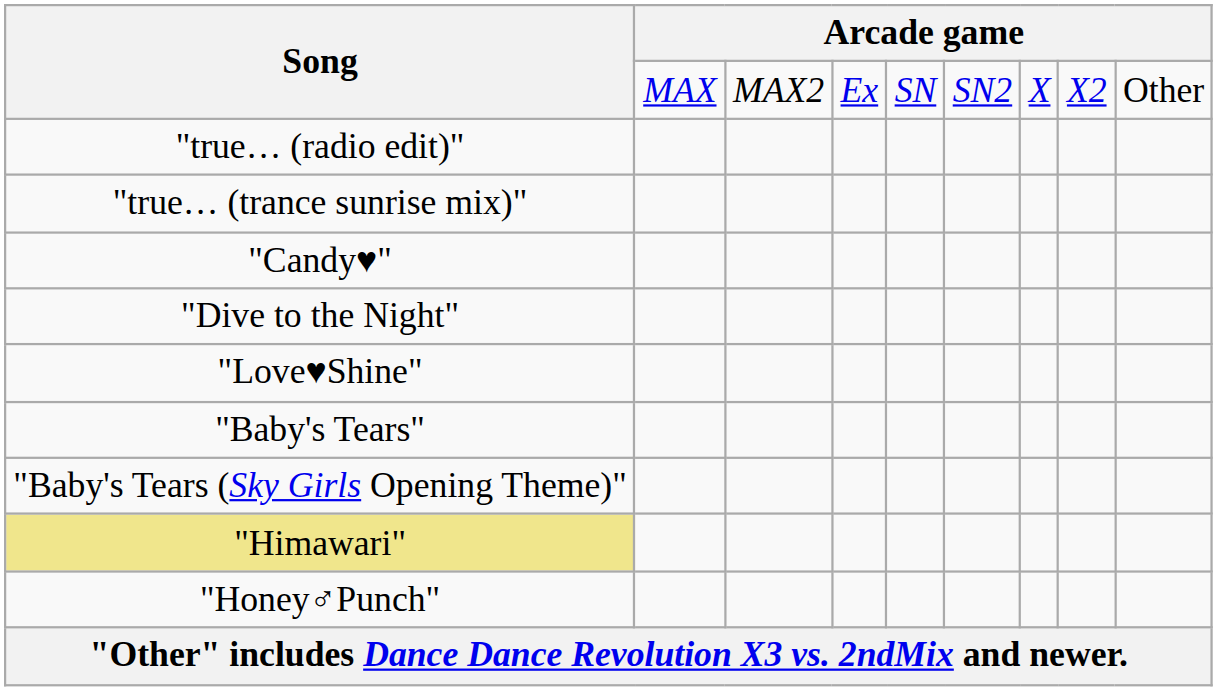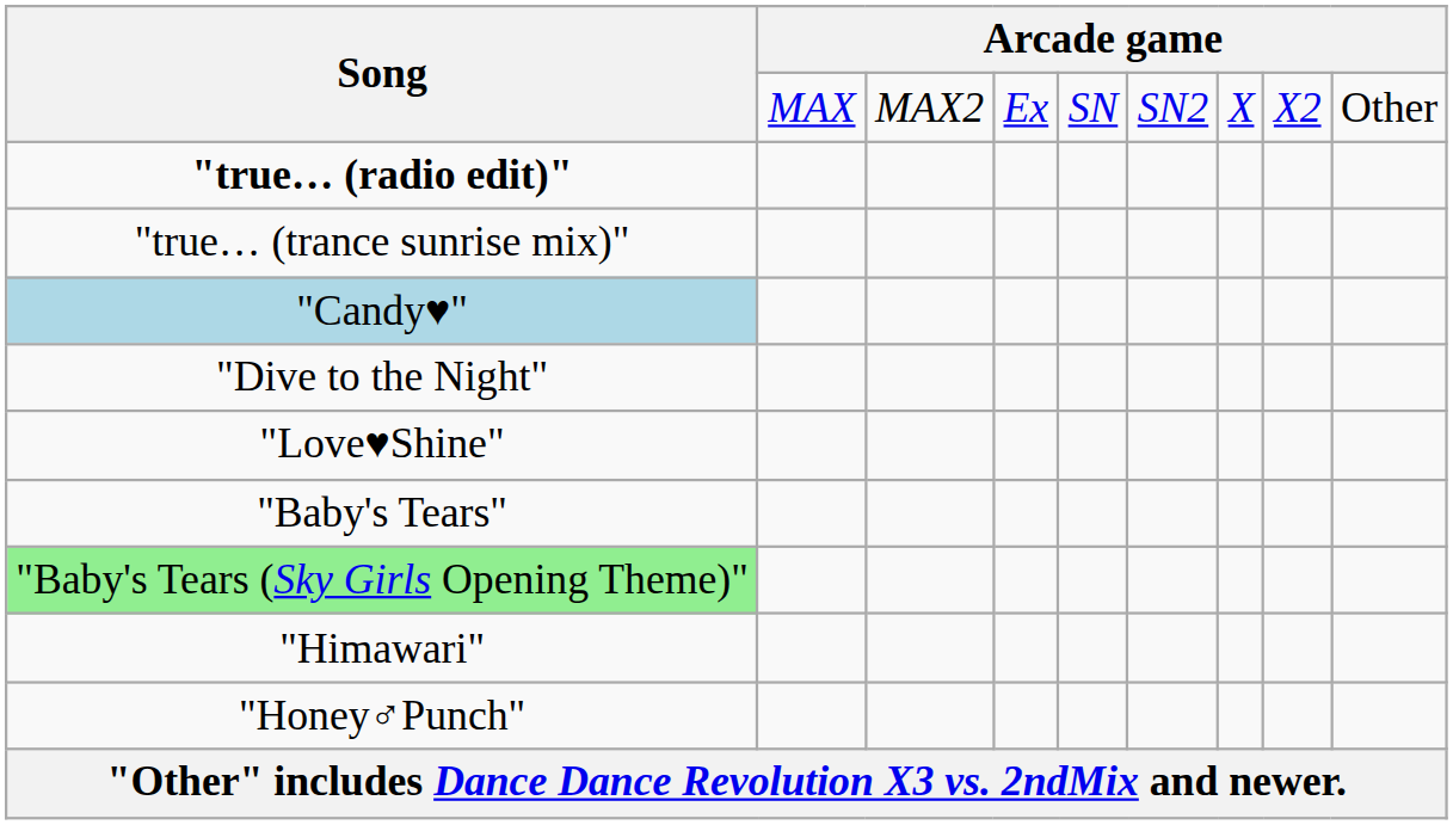 <table class="wikitable" style="text-align:center">
 <tr>
 <th rowspan="2">Song</th>
 <th colspan="14">Arcade game</th>
 </tr>
 <tr>
 <td><em><a href='#'>MAX</a></em></td>
 <td><em>MAX2</em></td>
 <td><em><a href='#'>Ex</a></em></td>
 <td><em><a href='#'>SN</a></em></td>
 <td><em><a href='#'>SN2</a></em></td>
 <td><em><a href='#'>X</a></em></td>
 <td><em><a href='#'>X2</a></em></td>
 <td>Other</td>
 </tr>
 <tr>
-<td>"true… (radio edit)"</td>
+<td><strong>"true… (radio edit)"</strong></td>
 <td></td>
 <td></td>
 <td></td>
 <td></td>
 <td></td>
 <td></td>
 <td></td>
 <td></td>
 </tr>
 <tr>
 <td>"true… (trance sunrise mix)"</td>
 <td></td>
 <td></td>
 <td></td>
 <td></td>
 <td></td>
 <td></td>
 <td></td>
 <td></td>
 </tr>
 <tr>
-<td>"Candy♥"</td>
+<td style="background: lightblue;">"Candy♥"</td>
 <td></td>
 <td></td>
 <td></td>
 <td></td>
 <td></td>
 <td></td>
 <td></td>
 <td></td>
 </tr>
 <tr>
 <td>"Dive to the Night"</td>
 <td></td>
 <td></td>
 <td></td>
 <td></td>
 <td></td>
 <td></td>
 <td></td>
 <td></td>
 </tr>
 <tr>
 <td>"Love♥Shine"</td>
 <td></td>
 <td></td>
 <td></td>
 <td></td>
 <td></td>
 <td></td>
 <td></td>
 <td></td>
 </tr>
 <tr>
 <td>"Baby's Tears"</td>
 <td></td>
 <td></td>
 <td></td>
 <td></td>
 <td></td>
 <td></td>
 <td></td>
 <td></td>
 </tr>
 <tr>
-<td>"Baby's Tears (<em><a href='#'>Sky Girls</a></em> Opening Theme)"</td>
+<td style="background: lightgreen;">"Baby's Tears (<em><a href='#'>Sky Girls</a></em> Opening Theme)"</td>
 <td></td>
 <td></td>
 <td></td>
 <td></td>
 <td></td>
 <td></td>
 <td></td>
 <td></td>
 </tr>
 <tr>
-<td style="background: khaki;">"Himawari"</td>
+<td>"Himawari"</td>
 <td></td>
 <td></td>
 <td></td>
 <td></td>
 <td></td>
 <td></td>
 <td></td>
 <td></td>
 </tr>
 <tr>
 <td>"Honey♂Punch"</td>
 <td></td>
 <td></td>
 <td></td>
 <td></td>
 <td></td>
 <td></td>
 <td></td>
 <td></td>
 </tr>
 <tr>
 <th colspan="16">"Other" includes <em><a href='#'>Dance Dance Revolution X3 vs. 2ndMix</a></em> and newer.</th>
 </tr>
 </table>
